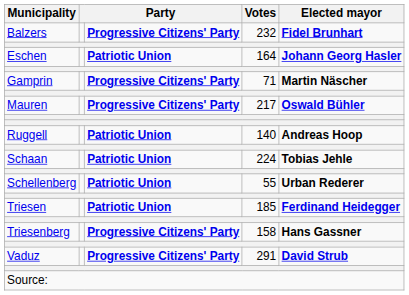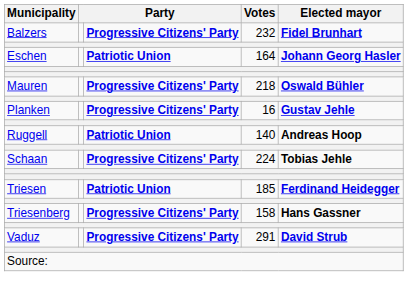 <table class="wikitable" style="text-align:right">
 <tr>
 <th>Municipality</th>
 <th colspan="2">Party</th>
 <th>Votes</th>
 <th>Elected mayor</th>
 </tr>
 <tr>
 <td align="left"><a href='#'>Balzers</a></td>
 <td style="color:inherit;background:"></td>
 <td align="left"><strong><a href='#'>Progressive Citizens' Party</a></strong></td>
 <td>232</td>
 <td align="left"><strong><a href='#'>Fidel Brunhart</a></strong></td>
 </tr>
 <tr>
 <th colspan="5"></th>
 </tr>
 <tr>
 <td align="left"><a href='#'>Eschen</a></td>
 <td style="color:inherit;background:"></td>
 <td align="left"><a href='#'><strong>Patriotic Union</strong></a></td>
 <td>164</td>
 <td align="left"><a href='#'><strong>Johann Georg Hasler</strong></a></td>
 </tr>
 <tr>
 <th colspan="5"></th>
 </tr>
 <tr>
-<td align="left"><a href='#'>Gamprin</a></td>
-<td style="color:inherit;background:"></td>
-<td align="left"><strong><a href='#'>Progressive Citizens' Party</a></strong></td>
-<td>71</td>
-<td align="left"><strong>Martin Näscher</strong></td>
-</tr>
-<tr>
 <th colspan="5"></th>
 </tr>
 <tr>
 <td align="left"><a href='#'>Mauren</a></td>
 <td style="color:inherit;background:"></td>
 <td align="left"><strong><a href='#'>Progressive Citizens' Party</a></strong></td>
-<td>217</td>
+<td>218</td>
 <td align="left"><strong><a href='#'>Oswald Bühler</a></strong></td>
 </tr>
 <tr>
 <th colspan="5"></th>
+</tr>
+<tr>
+<td align="left"><a href='#'>Planken</a></td>
+<td style="color:inherit;background:"></td>
+<td align="left"><strong><a href='#'>Progressive Citizens' Party</a></strong></td>
+<td>16</td>
+<td align="left"><strong><a href='#'>Gustav Jehle</a></strong></td>
 </tr>
 <tr>
 <th colspan="5"></th>
 </tr>
 <tr>
 <td align="left"><a href='#'>Ruggell</a></td>
 <td style="color:inherit;background:"></td>
 <td align="left"><a href='#'><strong>Patriotic Union</strong></a></td>
 <td>140</td>
 <td align="left"><strong>Andreas Hoop</strong></td>
 </tr>
 <tr>
 <th colspan="5"></th>
 </tr>
 <tr>
 <td align="left"><a href='#'>Schaan</a></td>
 <td style="color:inherit;background:"></td>
-<td align="left"><a href='#'><strong>Patriotic Union</strong></a></td>
+<td align="left"><strong><a href='#'>Progressive Citizens' Party</a></strong></td>
 <td>224</td>
 <td align="left"><strong>Tobias Jehle</strong></td>
 </tr>
 <tr>
 <th colspan="5"></th>
-</tr>
-<tr>
-<td align="left"><a href='#'>Schellenberg</a></td>
-<td style="color:inherit;background:"></td>
-<td align="left"><a href='#'><strong>Patriotic Union</strong></a></td>
-<td>55</td>
-<td align="left"><strong>Urban Rederer</strong></td>
 </tr>
 <tr>
 <th colspan="5"></th>
 </tr>
 <tr>
 <td align="left"><a href='#'>Triesen</a></td>
 <td style="color:inherit;background:"></td>
 <td align="left"><a href='#'><strong>Patriotic Union</strong></a></td>
 <td>185</td>
 <td align="left"><strong><a href='#'>Ferdinand Heidegger</a></strong></td>
 </tr>
 <tr>
 <th colspan="5"></th>
 </tr>
 <tr>
 <td align="left"><a href='#'>Triesenberg</a></td>
 <td style="color:inherit;background:"></td>
 <td align="left"><strong><a href='#'>Progressive Citizens' Party</a></strong></td>
 <td>158</td>
 <td align="left"><strong>Hans Gassner</strong></td>
 </tr>
 <tr>
 <th colspan="5"></th>
 </tr>
 <tr>
 <td align="left"><a href='#'>Vaduz</a></td>
 <td style="color:inherit;background:"></td>
 <td align="left"><strong><a href='#'>Progressive Citizens' Party</a></strong></td>
 <td>291</td>
 <td align="left"><strong><a href='#'>David Strub</a></strong></td>
 </tr>
 <tr>
 <th colspan="5"></th>
 </tr>
 <tr>
 <td colspan="5" align="left">Source: </td>
 </tr>
 </table>
